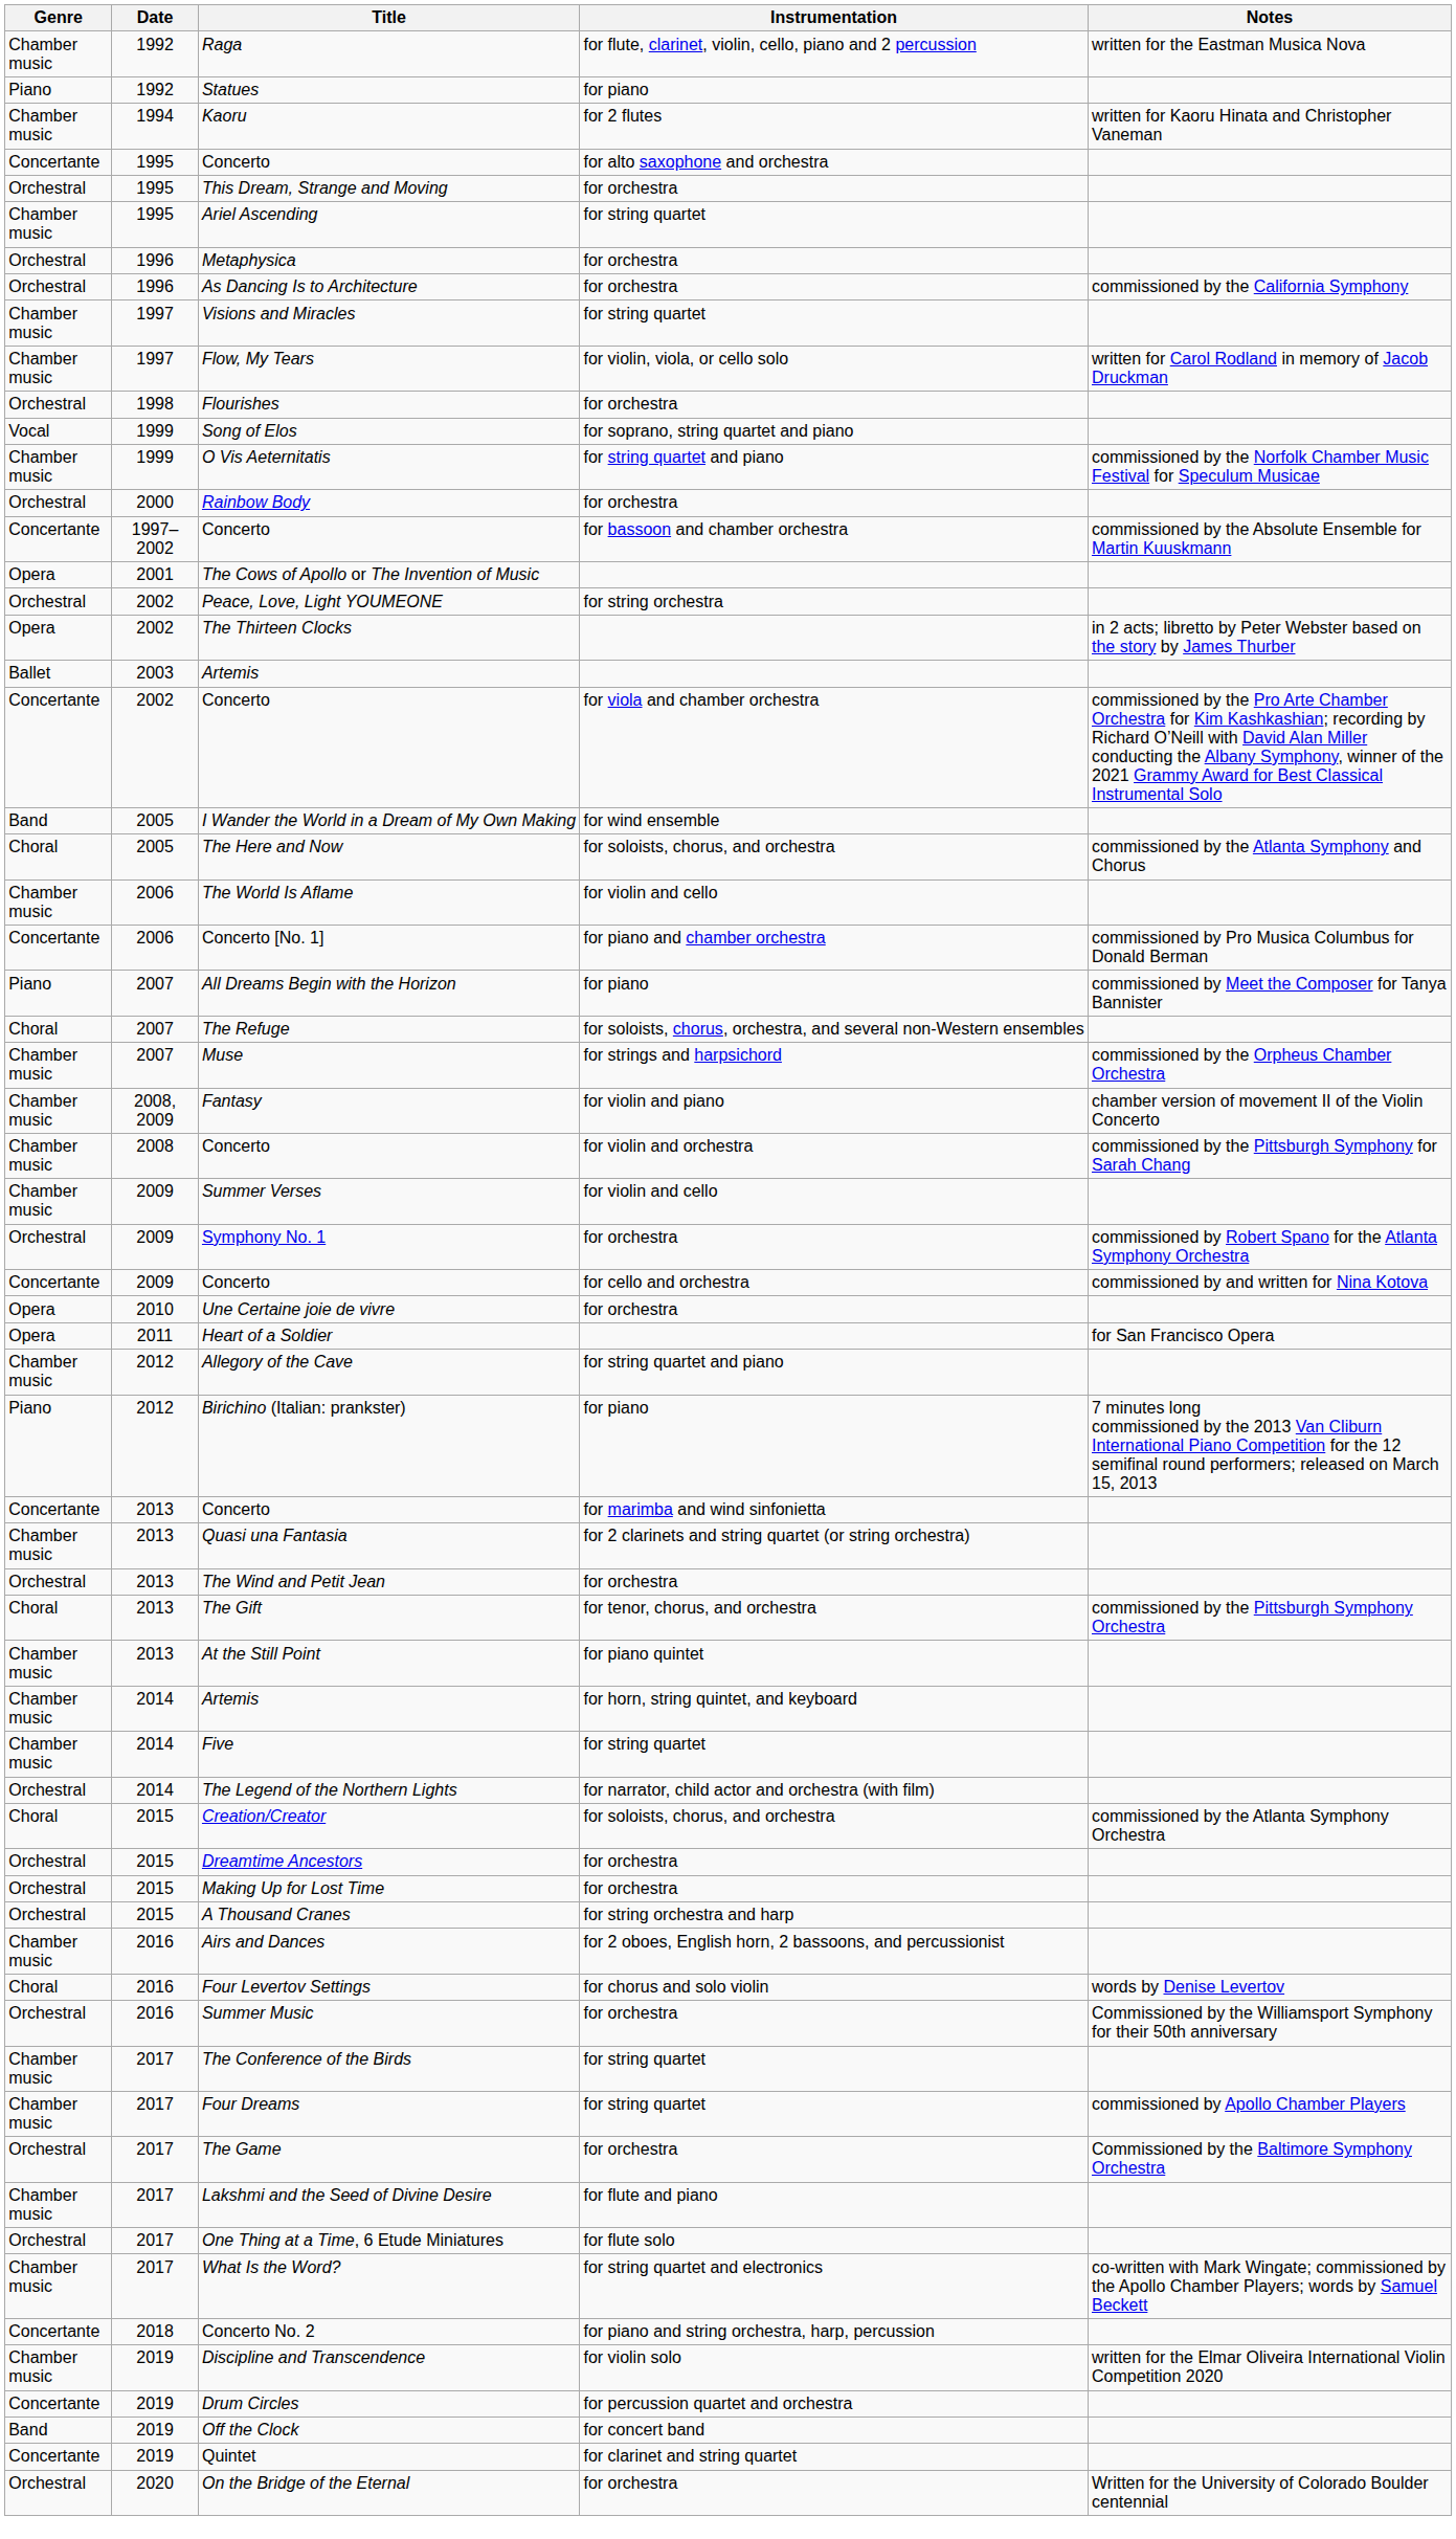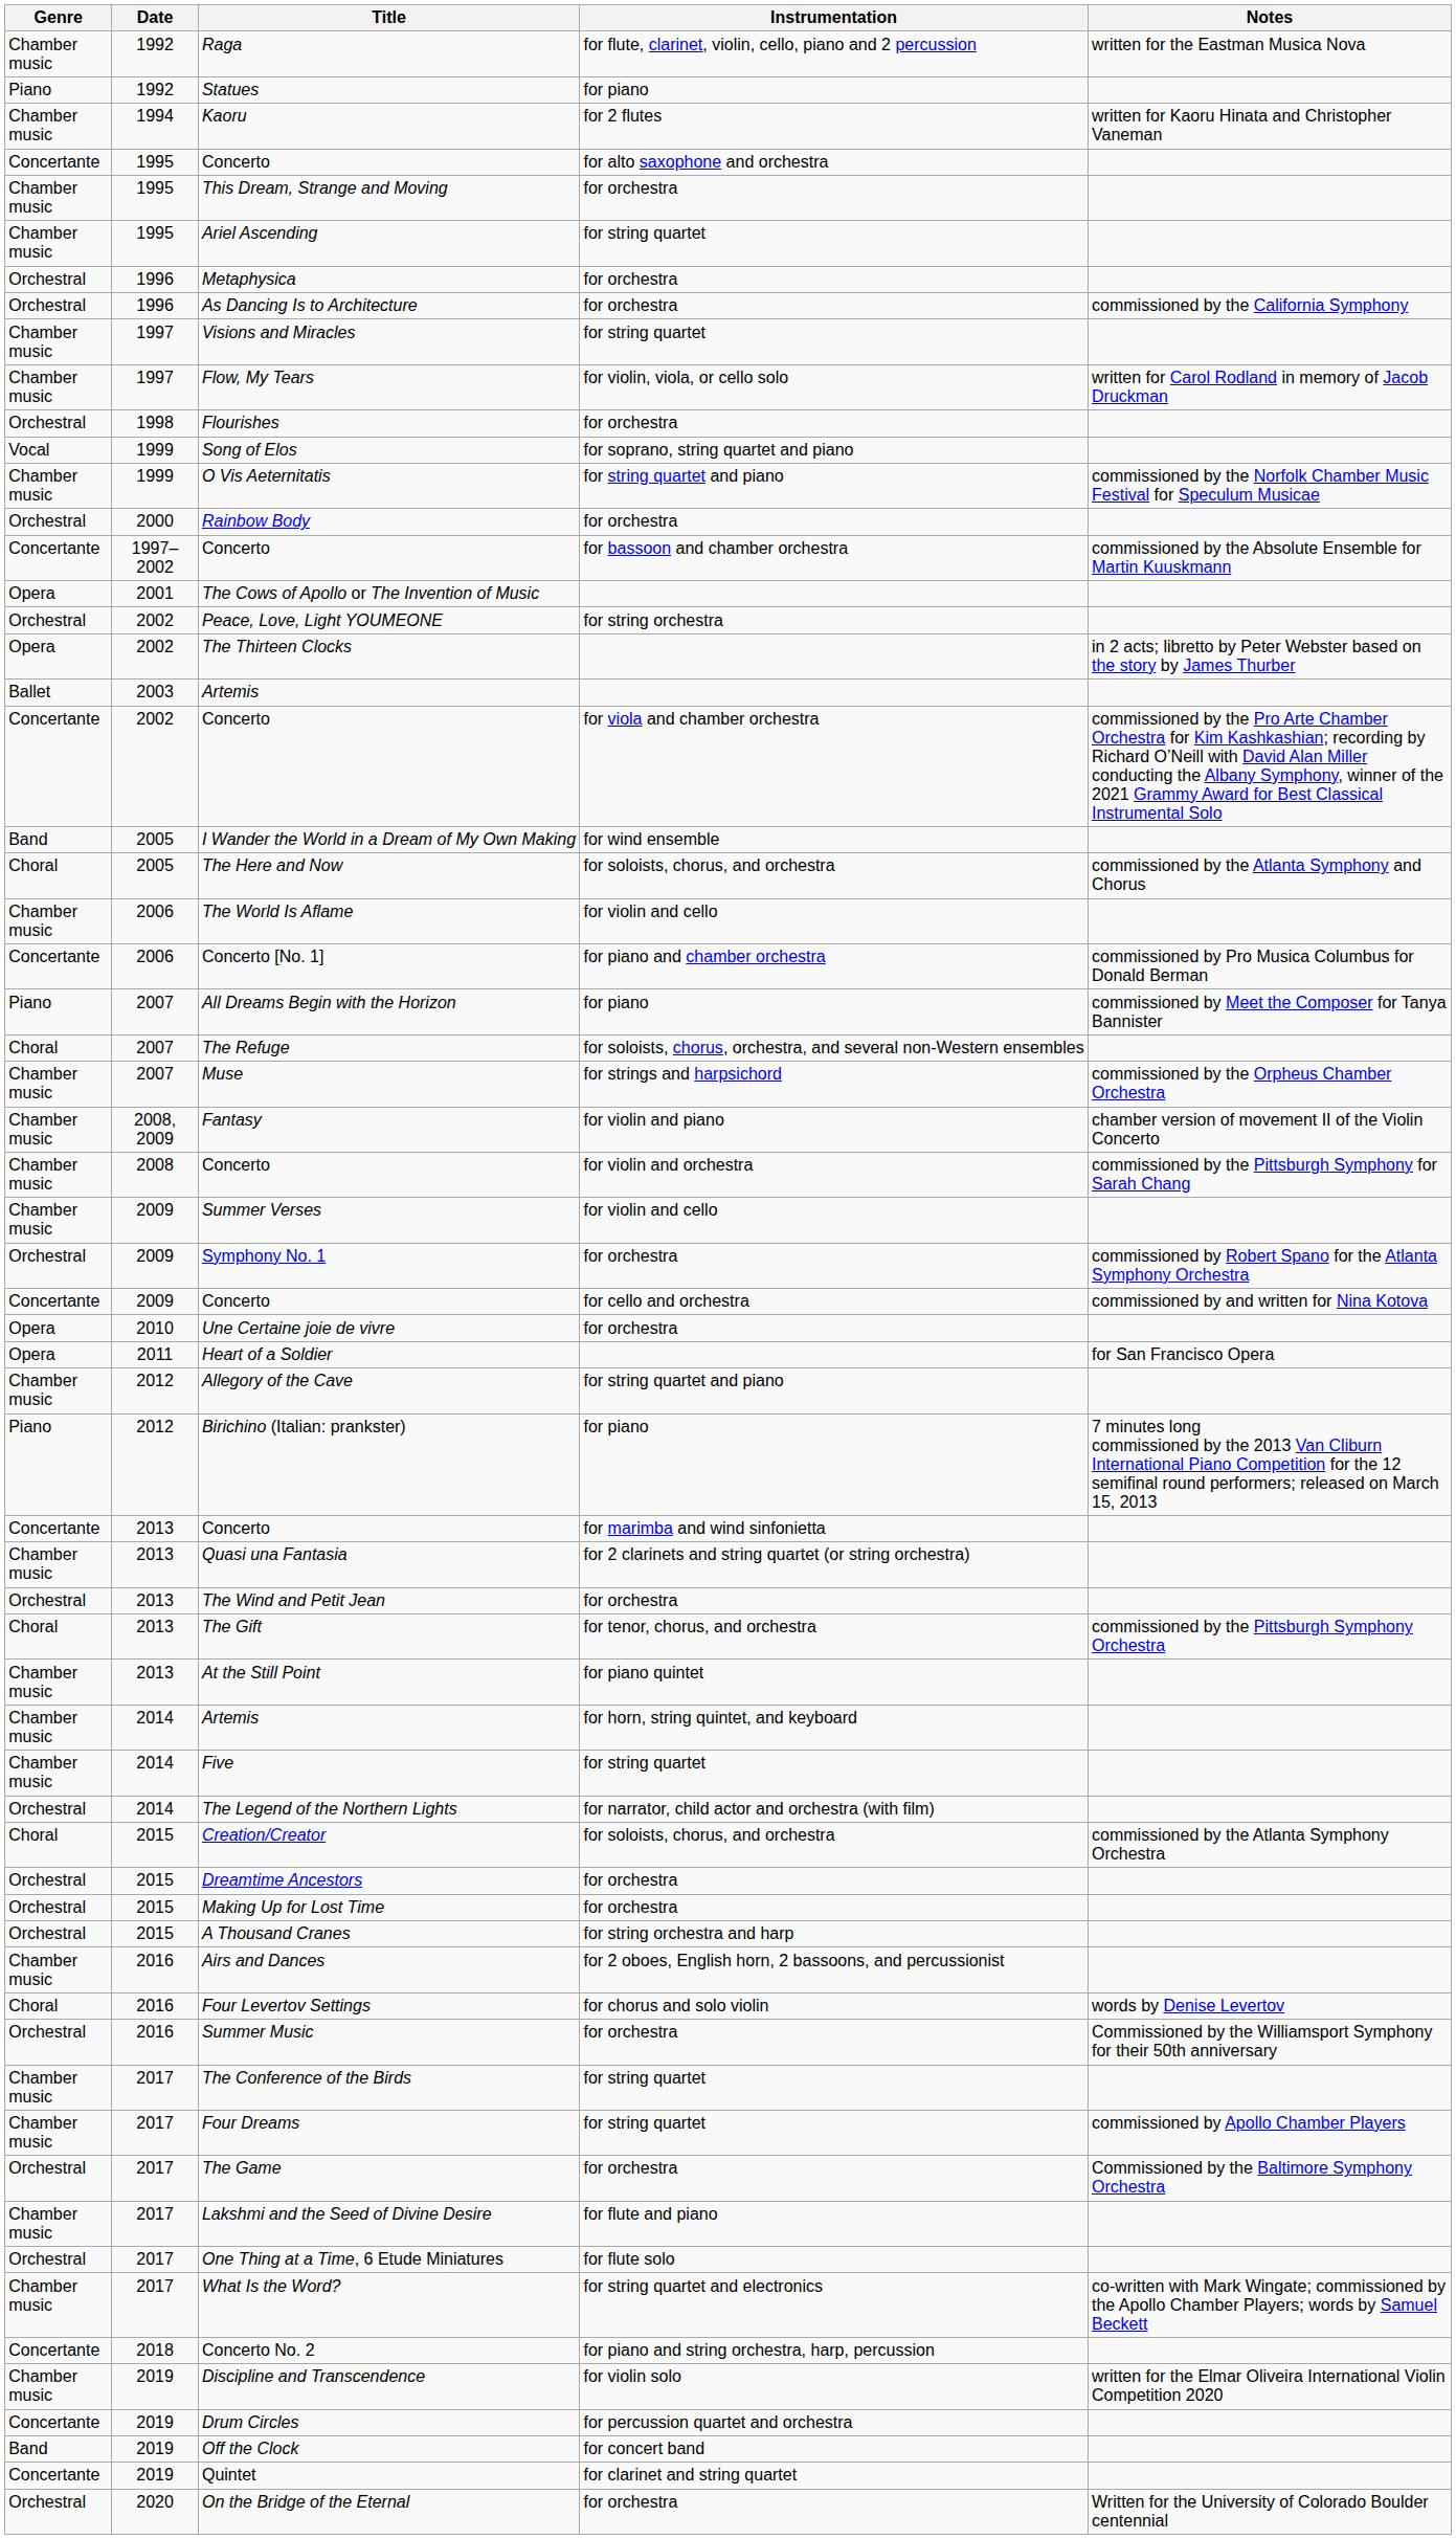 <table class="sortable wikitable" style="margins:auto; width=95%;">
 <tr>
 <th width="95">Genre</th>
 <th width="75">Date</th>
 <th width=>Title</th>
 <th width=>Instrumentation</th>
 <th width="340">Notes</th>
 </tr>
 <tr valign="top">
 <td>Chamber music</td>
 <td align=center>1992</td>
 <td><em>Raga</em></td>
 <td>for flute, <a href='#'>clarinet</a>, violin, cello, piano and 2 <a href='#'>percussion</a></td>
 <td>written for the Eastman Musica Nova</td>
 </tr>
 <tr valign="top">
 <td>Piano</td>
 <td align=center>1992</td>
 <td><em>Statues</em></td>
 <td>for piano</td>
 <td></td>
 </tr>
 <tr valign="top">
 <td>Chamber music</td>
 <td align=center>1994</td>
 <td><em>Kaoru</em></td>
 <td>for 2 flutes</td>
 <td>written for Kaoru Hinata and Christopher Vaneman</td>
 </tr>
 <tr valign="top">
 <td>Concertante</td>
 <td align=center>1995</td>
 <td>Concerto</td>
 <td>for alto <a href='#'>saxophone</a> and orchestra</td>
 <td></td>
 </tr>
 <tr valign="top">
-<td>Orchestral</td>
+<td>Chamber music</td>
 <td align=center>1995</td>
 <td><em>This Dream, Strange and Moving</em></td>
 <td>for orchestra</td>
 <td></td>
 </tr>
 <tr valign="top">
 <td>Chamber music</td>
 <td align=center>1995</td>
 <td><em>Ariel Ascending</em></td>
 <td>for string quartet</td>
 <td></td>
 </tr>
 <tr valign="top">
 <td>Orchestral</td>
 <td align=center>1996</td>
 <td><em>Metaphysica</em></td>
 <td>for orchestra</td>
 <td></td>
 </tr>
 <tr valign="top">
 <td>Orchestral</td>
 <td align=center>1996</td>
 <td><em>As Dancing Is to Architecture</em></td>
 <td>for orchestra</td>
 <td>commissioned by the <a href='#'>California Symphony</a></td>
 </tr>
 <tr valign="top">
 <td>Chamber music</td>
 <td align=center>1997</td>
 <td><em>Visions and Miracles</em></td>
 <td>for string quartet</td>
 <td></td>
 </tr>
 <tr valign="top">
 <td>Chamber music</td>
 <td align=center>1997</td>
 <td><em>Flow, My Tears</em></td>
 <td>for violin, viola, or cello solo</td>
 <td>written for <a href='#'>Carol Rodland</a> in memory of <a href='#'>Jacob Druckman</a></td>
 </tr>
 <tr valign="top">
 <td>Orchestral</td>
 <td align=center>1998</td>
 <td><em>Flourishes</em></td>
 <td>for orchestra</td>
 <td></td>
 </tr>
 <tr valign="top">
 <td>Vocal</td>
 <td align=center>1999</td>
 <td><em>Song of Elos</em></td>
 <td>for soprano, string quartet and piano</td>
 <td></td>
 </tr>
 <tr valign="top">
 <td>Chamber music</td>
 <td align=center>1999</td>
 <td><em>O Vis Aeternitatis</em></td>
 <td>for <a href='#'>string quartet</a> and piano</td>
 <td>commissioned by the <a href='#'>Norfolk Chamber Music Festival</a> for <a href='#'>Speculum Musicae</a></td>
 </tr>
 <tr valign="top">
 <td>Orchestral</td>
 <td align=center>2000</td>
 <td><em><a href='#'>Rainbow Body</a></em></td>
 <td>for orchestra</td>
 <td></td>
 </tr>
 <tr valign="top">
 <td>Concertante</td>
 <td align=center>1997–2002</td>
 <td>Concerto</td>
 <td>for <a href='#'>bassoon</a> and chamber orchestra</td>
 <td>commissioned by the Absolute Ensemble for <a href='#'>Martin Kuuskmann</a></td>
 </tr>
 <tr valign="top">
 <td>Opera</td>
 <td align=center>2001</td>
 <td><em>The Cows of Apollo</em> or <em>The Invention of Music</em></td>
 <td></td>
 <td></td>
 </tr>
 <tr valign="top">
 <td>Orchestral</td>
 <td align=center>2002</td>
 <td><em>Peace, Love, Light YOUMEONE</em></td>
 <td>for string orchestra</td>
 <td></td>
 </tr>
 <tr valign="top">
 <td>Opera</td>
 <td align=center>2002</td>
 <td><em>The Thirteen Clocks</em></td>
 <td></td>
 <td>in 2 acts; libretto by Peter Webster based on <a href='#'>the story</a> by <a href='#'>James Thurber</a></td>
 </tr>
 <tr valign="top">
 <td>Ballet</td>
 <td align=center>2003</td>
 <td><em>Artemis</em></td>
 <td></td>
 <td></td>
 </tr>
 <tr valign="top">
 <td>Concertante</td>
 <td align=center>2002</td>
 <td>Concerto </td>
 <td>for <a href='#'>viola</a> and chamber orchestra</td>
 <td>commissioned by the <a href='#'>Pro Arte Chamber Orchestra</a> for <a href='#'>Kim Kashkashian</a>; recording by Richard O’Neill with <a href='#'>David Alan Miller</a> conducting the <a href='#'>Albany Symphony</a>, winner of the 2021 <a href='#'>Grammy Award for Best Classical Instrumental Solo</a></td>
 </tr>
 <tr valign="top">
 <td>Band</td>
 <td align=center>2005</td>
 <td><em>I Wander the World in a Dream of My Own Making</em></td>
 <td>for wind ensemble</td>
 <td></td>
 </tr>
 <tr valign="top">
 <td>Choral</td>
 <td align=center>2005</td>
 <td><em>The Here and Now</em></td>
 <td>for soloists, chorus, and orchestra</td>
 <td>commissioned by the <a href='#'>Atlanta Symphony</a> and Chorus</td>
 </tr>
 <tr valign="top">
 <td>Chamber music</td>
 <td align=center>2006</td>
 <td><em>The World Is Aflame</em></td>
 <td>for violin and cello</td>
 <td></td>
 </tr>
 <tr valign="top">
 <td>Concertante</td>
 <td align=center>2006</td>
 <td>Concerto [No. 1]</td>
 <td>for piano and <a href='#'>chamber orchestra</a></td>
 <td>commissioned by Pro Musica Columbus for Donald Berman</td>
 </tr>
 <tr valign="top">
 <td>Piano</td>
 <td align=center>2007</td>
 <td><em>All Dreams Begin with the Horizon</em></td>
 <td>for piano</td>
 <td>commissioned by <a href='#'>Meet the Composer</a> for Tanya Bannister</td>
 </tr>
 <tr valign="top">
 <td>Choral</td>
 <td align=center>2007</td>
 <td><em>The Refuge</em></td>
 <td>for soloists, <a href='#'>chorus</a>, orchestra, and several non-Western ensembles</td>
 <td></td>
 </tr>
 <tr valign="top">
 <td>Chamber music</td>
 <td align=center>2007</td>
 <td><em>Muse</em></td>
 <td>for strings and <a href='#'>harpsichord</a></td>
 <td>commissioned by the <a href='#'>Orpheus Chamber Orchestra</a></td>
 </tr>
 <tr valign="top">
 <td>Chamber music</td>
 <td align=center>2008, 2009</td>
 <td><em>Fantasy</em></td>
 <td>for violin and piano</td>
 <td>chamber version of movement II of the Violin Concerto</td>
 </tr>
 <tr valign="top">
 <td>Chamber music</td>
 <td align=center>2008</td>
 <td>Concerto</td>
 <td>for violin and orchestra</td>
 <td>commissioned by the <a href='#'>Pittsburgh Symphony</a> for <a href='#'>Sarah Chang</a></td>
 </tr>
 <tr valign="top">
 <td>Chamber music</td>
 <td align=center>2009</td>
 <td><em>Summer Verses</em></td>
 <td>for violin and cello</td>
 <td></td>
 </tr>
 <tr valign="top">
 <td>Orchestral</td>
 <td align=center>2009</td>
 <td><a href='#'>Symphony No. 1</a></td>
 <td>for orchestra</td>
 <td>commissioned by <a href='#'>Robert Spano</a> for the <a href='#'>Atlanta Symphony Orchestra</a></td>
 </tr>
 <tr valign="top">
 <td>Concertante</td>
 <td align=center>2009</td>
 <td>Concerto</td>
 <td>for cello and orchestra</td>
 <td>commissioned by and written for <a href='#'>Nina Kotova</a></td>
 </tr>
 <tr valign="top">
 <td>Opera</td>
 <td align=center>2010</td>
 <td><em>Une Certaine joie de vivre</em></td>
 <td>for orchestra</td>
 <td></td>
 </tr>
 <tr valign="top">
 <td>Opera</td>
 <td align=center>2011</td>
 <td><em>Heart of a Soldier</em></td>
 <td></td>
 <td>for San Francisco Opera</td>
 </tr>
 <tr valign="top">
 <td>Chamber music</td>
 <td align=center>2012</td>
 <td><em>Allegory of the Cave</em></td>
 <td>for string quartet and piano</td>
 <td></td>
 </tr>
 <tr valign="top">
 <td>Piano</td>
 <td align=center>2012</td>
 <td><em>Birichino</em> (Italian: prankster)</td>
 <td>for piano</td>
 <td>7 minutes long<br>commissioned by the 2013 <a href='#'>Van Cliburn International Piano Competition</a> for the 12 semifinal round performers; released on March 15, 2013</td>
 </tr>
 <tr valign="top">
 <td>Concertante</td>
 <td align=center>2013</td>
 <td>Concerto</td>
 <td>for <a href='#'>marimba</a> and wind sinfonietta</td>
 <td></td>
 </tr>
 <tr valign="top">
 <td>Chamber music</td>
 <td align=center>2013</td>
 <td><em>Quasi una Fantasia</em></td>
 <td>for 2 clarinets and string quartet (or string orchestra)</td>
 <td></td>
 </tr>
 <tr valign="top">
 <td>Orchestral</td>
 <td align=center>2013</td>
 <td><em>The Wind and Petit Jean</em></td>
 <td>for orchestra</td>
 <td></td>
 </tr>
 <tr valign="top">
 <td>Choral</td>
 <td align=center>2013</td>
 <td><em>The Gift</em></td>
 <td>for tenor, chorus, and orchestra</td>
 <td>commissioned by the <a href='#'>Pittsburgh Symphony Orchestra</a></td>
 </tr>
 <tr valign="top">
 <td>Chamber music</td>
 <td align=center>2013</td>
 <td><em>At the Still Point</em></td>
 <td>for piano quintet</td>
 <td></td>
 </tr>
 <tr valign="top">
 <td>Chamber music</td>
 <td align=center>2014</td>
 <td><em>Artemis</em></td>
 <td>for horn, string quintet, and keyboard</td>
 <td></td>
 </tr>
 <tr valign="top">
 <td>Chamber music</td>
 <td align=center>2014</td>
 <td><em>Five</em></td>
 <td>for string quartet</td>
 <td></td>
 </tr>
 <tr valign="top">
 <td>Orchestral</td>
 <td align=center>2014</td>
 <td><em>The Legend of the Northern Lights</em></td>
 <td>for narrator, child actor and orchestra (with film)</td>
 <td></td>
 </tr>
 <tr valign="top">
 <td>Choral</td>
 <td align=center>2015</td>
 <td><em><a href='#'>Creation/Creator</a></em></td>
 <td>for soloists, chorus, and orchestra</td>
 <td>commissioned by the Atlanta Symphony Orchestra</td>
 </tr>
 <tr valign="top">
 <td>Orchestral</td>
 <td align=center>2015</td>
 <td><em><a href='#'>Dreamtime Ancestors</a></em></td>
 <td>for orchestra</td>
 <td></td>
 </tr>
 <tr valign="top">
 <td>Orchestral</td>
 <td align=center>2015</td>
 <td><em>Making Up for Lost Time</em></td>
 <td>for orchestra</td>
 <td></td>
 </tr>
 <tr valign="top">
 <td>Orchestral</td>
 <td align=center>2015</td>
 <td><em>A Thousand Cranes</em></td>
 <td>for string orchestra and harp</td>
 <td></td>
 </tr>
 <tr valign="top">
 <td>Chamber music</td>
 <td align=center>2016</td>
 <td><em>Airs and Dances</em></td>
 <td>for 2 oboes, English horn, 2 bassoons, and percussionist</td>
 <td></td>
 </tr>
 <tr valign="top">
 <td>Choral</td>
 <td align=center>2016</td>
 <td><em>Four Levertov Settings</em></td>
 <td>for chorus and solo violin</td>
 <td>words by <a href='#'>Denise Levertov</a></td>
 </tr>
 <tr valign="top">
 <td>Orchestral</td>
 <td align=center>2016</td>
 <td><em>Summer Music</em></td>
 <td>for orchestra</td>
 <td>Commissioned by the Williamsport Symphony for their 50th anniversary</td>
 </tr>
 <tr valign="top">
 <td>Chamber music</td>
 <td align=center>2017</td>
 <td><em>The Conference of the Birds</em></td>
 <td>for string quartet</td>
 <td></td>
 </tr>
 <tr valign="top">
 <td>Chamber music</td>
 <td align=center>2017</td>
 <td><em>Four Dreams</em></td>
 <td>for string quartet</td>
 <td>commissioned by <a href='#'>Apollo Chamber Players</a></td>
 </tr>
 <tr valign="top">
 <td>Orchestral</td>
 <td align=center>2017</td>
 <td><em>The Game</em></td>
 <td>for orchestra</td>
 <td>Commissioned by the <a href='#'>Baltimore Symphony Orchestra</a></td>
 </tr>
 <tr valign="top">
 <td>Chamber music</td>
 <td align=center>2017</td>
 <td><em>Lakshmi and the Seed of Divine Desire</em></td>
 <td>for flute and piano</td>
 <td></td>
 </tr>
 <tr valign="top">
 <td>Orchestral</td>
 <td align=center>2017</td>
 <td><em>One Thing at a Time</em>, 6 Etude Miniatures</td>
 <td>for flute solo</td>
 <td></td>
 </tr>
 <tr valign="top">
 <td>Chamber music</td>
 <td align=center>2017</td>
 <td><em>What Is the Word?</em></td>
 <td>for string quartet and electronics</td>
 <td>co-written with Mark Wingate; commissioned by the Apollo Chamber Players; words by <a href='#'>Samuel Beckett</a></td>
 </tr>
 <tr valign="top">
 <td>Concertante</td>
 <td align=center>2018</td>
 <td>Concerto No. 2</td>
 <td>for piano and string orchestra, harp, percussion</td>
 <td></td>
 </tr>
 <tr valign="top">
 <td>Chamber music</td>
 <td align=center>2019</td>
 <td><em>Discipline and Transcendence</em></td>
 <td>for violin solo</td>
 <td>written for the Elmar Oliveira International Violin Competition 2020</td>
 </tr>
 <tr valign="top">
 <td>Concertante</td>
 <td align=center>2019</td>
 <td><em>Drum Circles</em></td>
 <td>for percussion quartet and orchestra</td>
 <td></td>
 </tr>
 <tr valign="top">
 <td>Band</td>
 <td align=center>2019</td>
 <td><em>Off the Clock</em></td>
 <td>for concert band</td>
 <td></td>
 </tr>
 <tr valign="top">
 <td>Concertante</td>
 <td align=center>2019</td>
 <td>Quintet</td>
 <td>for clarinet and string quartet</td>
 <td></td>
 </tr>
 <tr valign="top">
 <td>Orchestral</td>
 <td align=center>2020</td>
 <td><em>On the Bridge of the Eternal</em></td>
 <td>for orchestra</td>
 <td>Written for the University of Colorado Boulder centennial</td>
 </tr>
 </table>
